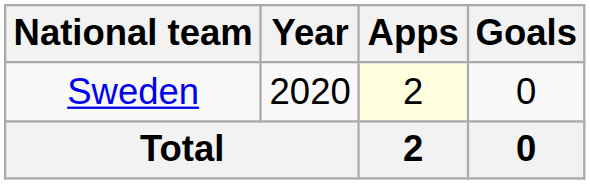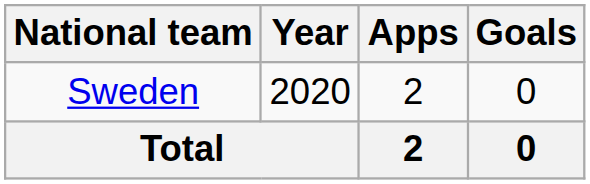 <table class="wikitable" style="text-align:center">
 <tr>
 <th>National team</th>
 <th>Year</th>
 <th>Apps</th>
 <th>Goals</th>
 </tr>
 <tr>
 <td><a href='#'>Sweden</a></td>
 <td>2020</td>
-<td style="background: lightyellow;">2</td>
+<td>2</td>
 <td>0</td>
 </tr>
 <tr>
 <th colspan="2">Total</th>
 <th>2</th>
 <th>0</th>
 </tr>
 </table>
